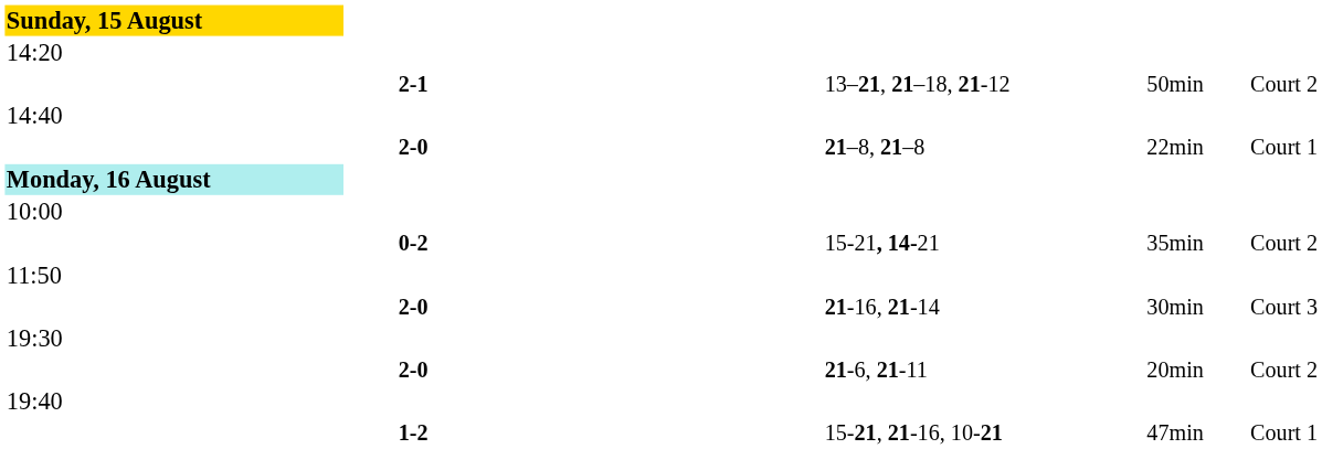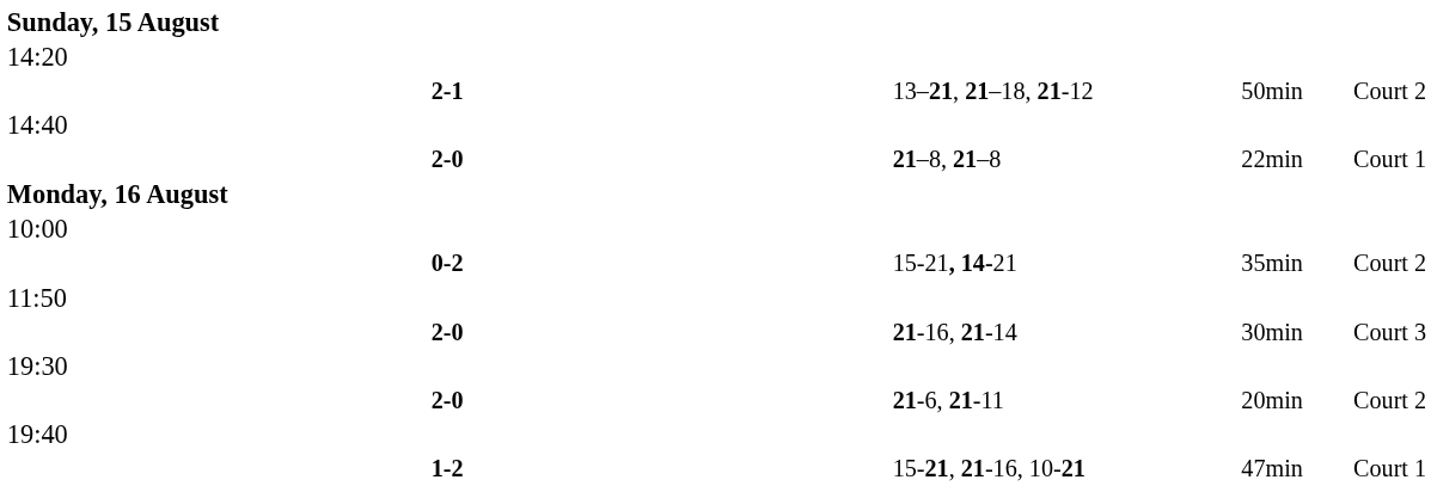 <table style="width:100%;" cellspacing="1">
 <tr>
 <th width=25%></th>
 <th width=10%></th>
 <th width=25%></th>
 </tr>
 <tr>
-<td style="background: gold;"><strong>Sunday, 15 August</strong></td>
+<td><strong>Sunday, 15 August</strong></td>
 </tr>
 <tr>
 <td>14:20</td>
 </tr>
 <tr style=font-size:90%>
 <td align=right><strong></strong></td>
 <td align=center><strong> 2-1 </strong></td>
 <td></td>
 <td>13–<strong>21</strong>, <strong>21</strong>–18, <strong>21</strong>-12</td>
 <td>50min</td>
 <td>Court 2</td>
 </tr>
 <tr>
 <td>14:40</td>
 </tr>
 <tr style=font-size:90%>
 <td align=right><strong></strong></td>
 <td align=center><strong> 2-0 </strong></td>
 <td></td>
 <td><strong>21</strong>–8, <strong>21</strong>–8</td>
 <td>22min</td>
 <td>Court 1</td>
 </tr>
 <tr>
-<td style="background: paleturquoise;"><strong>Monday, 16 August</strong></td>
+<td><strong>Monday, 16 August</strong></td>
 </tr>
 <tr>
 <td>10:00</td>
 </tr>
 <tr style=font-size:90%>
 <td align=right></td>
 <td align=center><strong> 0-2 </strong></td>
 <td><strong></td>
 <td>15-</strong>21<strong>, 14-</strong>21<strong></td>
 <td>35min</td>
 <td>Court 2</td>
 </tr>
 <tr>
 <td>11:50</td>
 </tr>
 <tr style=font-size:90%>
 <td align=right></strong></td>
 <td align=center><strong> 2-0 </strong></td>
 <td></td>
 <td><strong>21</strong>-16, <strong>21</strong>-14</td>
 <td>30min</td>
 <td>Court 3</td>
 </tr>
 <tr>
 <td>19:30</td>
 </tr>
 <tr style=font-size:90%>
 <td align=right><strong></strong></td>
 <td align=center><strong> 2-0 </strong></td>
 <td></td>
 <td><strong>21</strong>-6, <strong>21</strong>-11</td>
 <td>20min</td>
 <td>Court 2</td>
 </tr>
 <tr>
 <td>19:40</td>
 </tr>
 <tr style=font-size:90%>
 <td align=right></td>
 <td align=center><strong> 1-2 </strong></td>
 <td><strong></strong></td>
 <td>15-<strong>21</strong>, <strong>21</strong>-16, 10-<strong>21</strong></td>
 <td>47min</td>
 <td>Court 1</td>
 </tr>
 </table>
